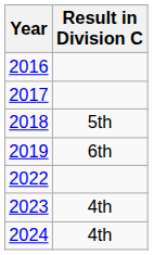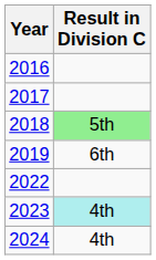 <table class="wikitable" style="text-align:center">
 <tr>
 <th>Year</th>
 <th>Result in<br>Division C</th>
 </tr>
 <tr>
 <td><a href='#'>2016</a></td>
 <td></td>
 </tr>
 <tr>
 <td><a href='#'>2017</a></td>
 <td></td>
 </tr>
 <tr>
 <td><a href='#'>2018</a></td>
-<td>5th</td>
+<td style="background: lightgreen;">5th</td>
 </tr>
 <tr>
 <td><a href='#'>2019</a></td>
 <td>6th</td>
 </tr>
 <tr>
 <td><a href='#'>2022</a></td>
 <td></td>
 </tr>
 <tr>
 <td><a href='#'>2023</a></td>
-<td>4th</td>
+<td style="background: paleturquoise;">4th</td>
 </tr>
 <tr>
 <td><a href='#'>2024</a></td>
 <td>4th</td>
 </tr>
 </table>
